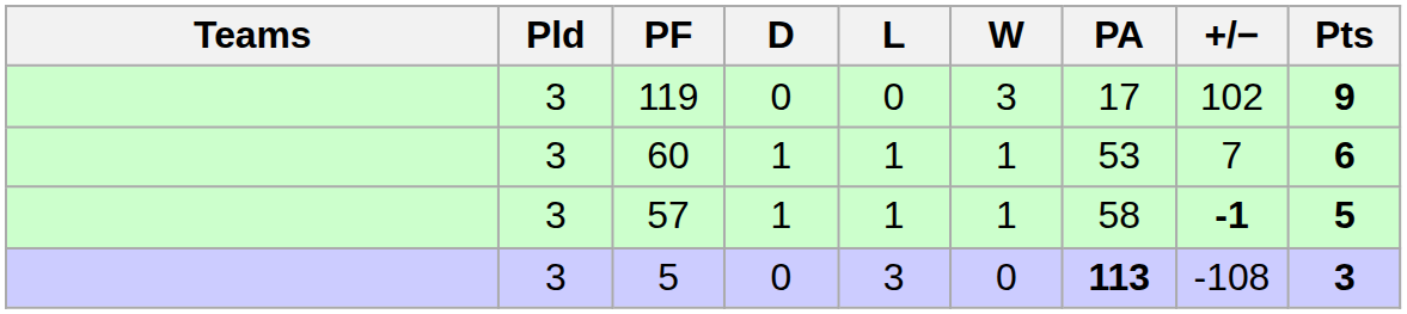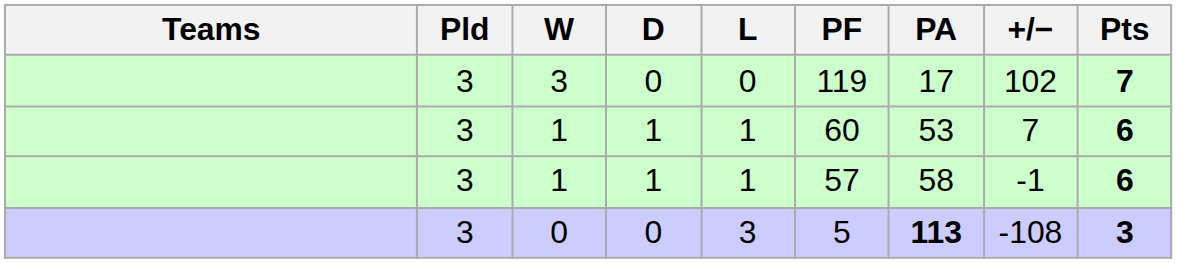 <table class="wikitable" style="text-align: center;">
 <tr>
 <th width="200">Teams</th>
 <th width="40">Pld</th>
-<th width="40">PF</th>
+<th width="40">W</th>
 <th width="40">D</th>
 <th width="40">L</th>
-<th width="40">W</th>
+<th width="40">PF</th>
 <th width="40">PA</th>
 <th width="40">+/−</th>
 <th width="40">Pts</th>
 </tr>
 <tr bgcolor=#ccffcc>
 <td align=left></td>
 <td>3</td>
-<td>119</td>
+<td>3</td>
 <td>0</td>
 <td>0</td>
-<td>3</td>
+<td>119</td>
 <td>17</td>
 <td>102</td>
-<td><strong>9</strong></td>
+<td><strong>7</strong></td>
 </tr>
 <tr bgcolor=#ccffcc>
 <td align=left></td>
 <td>3</td>
-<td>60</td>
 <td>1</td>
 <td>1</td>
 <td>1</td>
+<td>60</td>
 <td>53</td>
 <td>7</td>
 <td><strong>6</strong></td>
 </tr>
 <tr bgcolor=#ccffcc>
 <td align=left></td>
 <td>3</td>
-<td>57</td>
 <td>1</td>
 <td>1</td>
 <td>1</td>
+<td>57</td>
 <td>58</td>
-<td><strong>-1</strong></td>
-<td><strong>5</strong></td>
+<td>-1</td>
+<td><strong>6</strong></td>
 </tr>
 <tr bgcolor=#ccccff>
 <td align=left></td>
 <td>3</td>
-<td>5</td>
+<td>0</td>
 <td>0</td>
 <td>3</td>
-<td>0</td>
+<td>5</td>
 <td><strong>113</strong></td>
 <td>-108</td>
 <td><strong>3</strong></td>
 </tr>
 </table>
